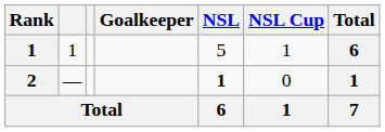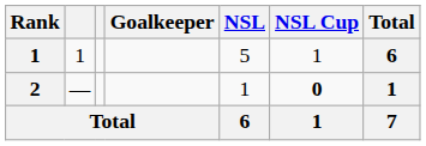 <table class="wikitable sortable" style="text-align:center">
 <tr>
 <th>Rank</th>
 <th></th>
 <th></th>
 <th>Goalkeeper</th>
 <th><a href='#'>NSL</a></th>
 <th><a href='#'>NSL Cup</a></th>
 <th>Total</th>
 </tr>
 <tr>
 <th>1</th>
 <td>1</td>
 <td></td>
 <td align="left"></td>
 <td>5</td>
 <td>1</td>
 <th>6</th>
 </tr>
 <tr>
 <th>2</th>
 <td>—</td>
 <td></td>
 <td align="left"></td>
-<td><strong>1</strong></td>
-<td>0</td>
+<td>1</td>
+<td><strong>0</strong></td>
 <th>1</th>
 </tr>
 <tr>
 <th colspan="4">Total</th>
 <th>6</th>
 <th>1</th>
 <th>7</th>
 </tr>
 </table>
